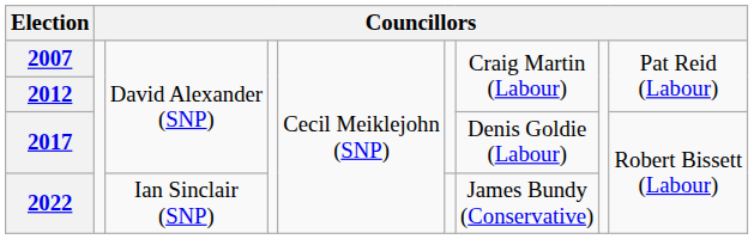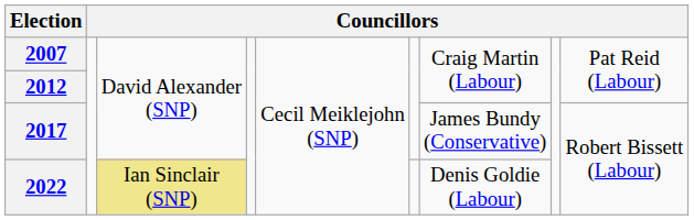 <table class="wikitable" style="text-align:center">
 <tr>
 <th>Election</th>
 <th colspan=8>Councillors</th>
 </tr>
 <tr>
 <th><a href='#'>2007</a></th>
 <td rowspan=4; style="background-color: "></td>
 <td rowspan=3>David Alexander<br>(<a href='#'>SNP</a>)</td>
 <td rowspan=4; style="background-color: "></td>
 <td rowspan=4>Cecil Meiklejohn<br>(<a href='#'>SNP</a>)</td>
 <td rowspan=3; style="background-color: "></td>
 <td rowspan=2>Craig Martin<br>(<a href='#'>Labour</a>)</td>
 <td rowspan=4; style="background-color: "></td>
 <td rowspan=2>Pat Reid<br>(<a href='#'>Labour</a>)</td>
 </tr>
 <tr>
 <th><a href='#'>2012</a></th>
 </tr>
 <tr>
 <th><a href='#'>2017</a></th>
-<td rowspan=1>Denis Goldie<br>(<a href='#'>Labour</a>)</td>
+<td rowspan=1>James Bundy<br>(<a href='#'>Conservative</a>)</td>
 <td rowspan=2>Robert Bissett<br>(<a href='#'>Labour</a>)</td>
 </tr>
 <tr>
 <th><a href='#'>2022</a></th>
-<td rowspan=1>Ian Sinclair<br>(<a href='#'>SNP</a>)</td>
+<td rowspan=1 style="background: khaki;">Ian Sinclair<br>(<a href='#'>SNP</a>)</td>
 <td rowspan=1; style="background-color: "></td>
-<td rowspan=1>James Bundy<br>(<a href='#'>Conservative</a>)</td>
+<td rowspan=1>Denis Goldie<br>(<a href='#'>Labour</a>)</td>
 </tr>
 </table>
